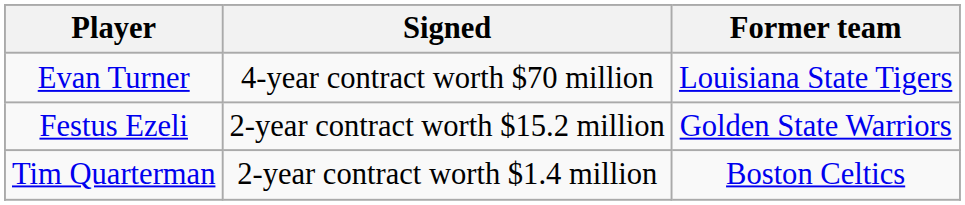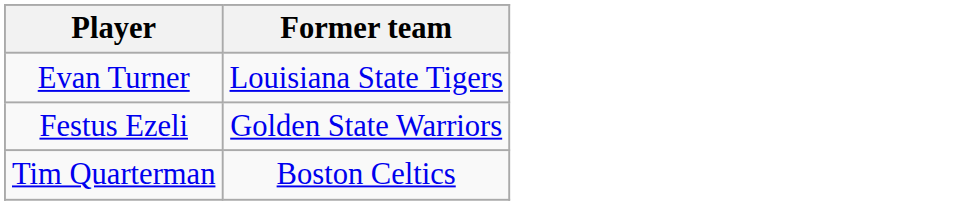 <table class="wikitable sortable sortable" style="text-align: center">
 <tr>
 <th>Player</th>
-<th>Signed</th>
 <th>Former team</th>
 </tr>
 <tr style="text-align: center">
 <td><a href='#'>Evan Turner</a></td>
-<td>4-year contract worth $70 million</td>
 <td><a href='#'>Louisiana State Tigers</a></td>
 </tr>
 <tr style="text-align: center">
 <td><a href='#'>Festus Ezeli</a></td>
-<td>2-year contract worth $15.2 million</td>
 <td><a href='#'>Golden State Warriors</a></td>
 </tr>
 <tr style="text-align: center">
 <td><a href='#'>Tim Quarterman</a></td>
-<td>2-year contract worth $1.4 million</td>
 <td><a href='#'>Boston Celtics</a></td>
 </tr>
 </table>
